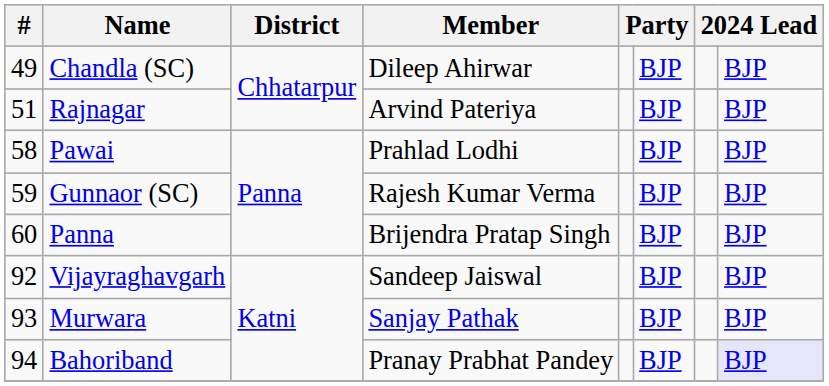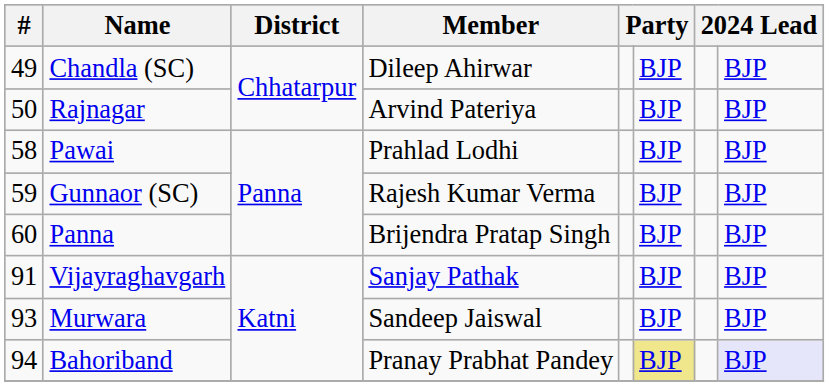 <table class="wikitable">
 <tr>
 <th>#</th>
 <th>Name</th>
 <th>District</th>
 <th>Member</th>
 <th colspan="2">Party</th>
 <th colspan="2">2024 Lead</th>
 </tr>
 <tr>
 <td>49</td>
 <td><a href='#'>Chandla</a> (SC)</td>
 <td rowspan="2"><a href='#'>Chhatarpur</a></td>
 <td>Dileep Ahirwar</td>
 <td style="background-color: "></td>
 <td><a href='#'>BJP</a></td>
 <td style="background-color: "></td>
 <td><a href='#'>BJP</a></td>
 </tr>
 <tr>
-<td>51</td>
+<td>50</td>
 <td><a href='#'>Rajnagar</a></td>
 <td>Arvind Pateriya</td>
 <td style="background-color: "></td>
 <td><a href='#'>BJP</a></td>
 <td style="background-color: "></td>
 <td><a href='#'>BJP</a></td>
 </tr>
 <tr>
 <td>58</td>
 <td><a href='#'>Pawai</a></td>
 <td rowspan="3"><a href='#'>Panna</a></td>
 <td>Prahlad Lodhi</td>
 <td style="background-color: "></td>
 <td><a href='#'>BJP</a></td>
 <td style="background-color: "></td>
 <td><a href='#'>BJP</a></td>
 </tr>
 <tr>
 <td>59</td>
 <td><a href='#'>Gunnaor</a> (SC)</td>
 <td>Rajesh Kumar Verma</td>
 <td style="background-color: "></td>
 <td><a href='#'>BJP</a></td>
 <td style="background-color: "></td>
 <td><a href='#'>BJP</a></td>
 </tr>
 <tr>
 <td>60</td>
 <td><a href='#'>Panna</a></td>
 <td>Brijendra Pratap Singh</td>
 <td style="background-color: "></td>
 <td><a href='#'>BJP</a></td>
 <td style="background-color: "></td>
 <td><a href='#'>BJP</a></td>
 </tr>
 <tr>
-<td>92</td>
+<td>91</td>
 <td><a href='#'>Vijayraghavgarh</a></td>
 <td rowspan="3"><a href='#'>Katni</a></td>
-<td>Sandeep Jaiswal</td>
+<td><a href='#'>Sanjay Pathak</a></td>
 <td style="background-color: "></td>
 <td><a href='#'>BJP</a></td>
 <td style="background-color: "></td>
 <td><a href='#'>BJP</a></td>
 </tr>
 <tr>
 <td>93</td>
 <td><a href='#'>Murwara</a></td>
-<td><a href='#'>Sanjay Pathak</a></td>
+<td>Sandeep Jaiswal</td>
 <td style="background-color: "></td>
 <td><a href='#'>BJP</a></td>
 <td style="background-color: "></td>
 <td><a href='#'>BJP</a></td>
 </tr>
 <tr>
 <td>94</td>
 <td><a href='#'>Bahoriband</a></td>
 <td>Pranay Prabhat Pandey</td>
 <td style="background-color: "></td>
-<td><a href='#'>BJP</a></td>
+<td style="background: khaki;"><a href='#'>BJP</a></td>
 <td style="background-color: "></td>
 <td style="background: lavender;"><a href='#'>BJP</a></td>
 </tr>
 <tr>
 </tr>
 </table>
